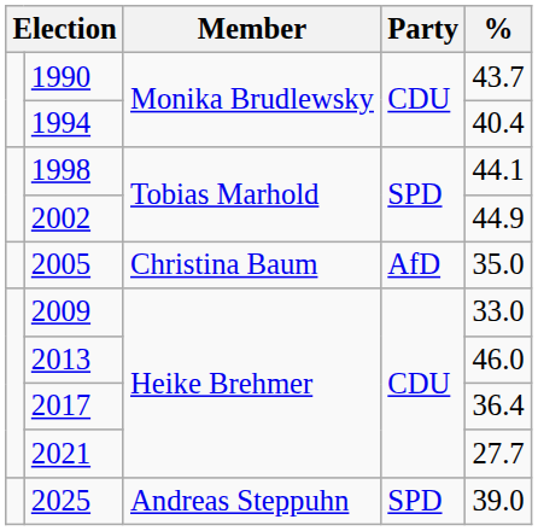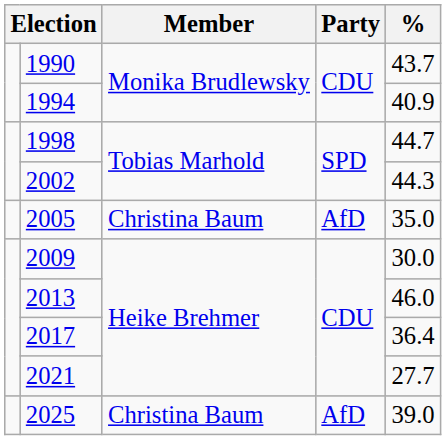 <table class=wikitable>
 <tr>
 <th colspan=2>Election</th>
 <th>Member</th>
 <th>Party</th>
 <th>%</th>
 </tr>
 <tr>
 <td rowspan=2 bgcolor=></td>
 <td><a href='#'>1990</a></td>
 <td rowspan=2><a href='#'>Monika Brudlewsky</a></td>
 <td rowspan=2><a href='#'>CDU</a></td>
 <td align=right>43.7</td>
 </tr>
 <tr>
 <td><a href='#'>1994</a></td>
-<td align=right>40.4</td>
+<td align=right>40.9</td>
 </tr>
 <tr>
 <td rowspan=2 bgcolor=></td>
 <td><a href='#'>1998</a></td>
 <td rowspan=2><a href='#'>Tobias Marhold</a></td>
 <td rowspan=2><a href='#'>SPD</a></td>
-<td align=right>44.1</td>
+<td align=right>44.7</td>
 </tr>
 <tr>
 <td><a href='#'>2002</a></td>
-<td align=right>44.9</td>
+<td align=right>44.3</td>
 </tr>
 <tr>
 <td bgcolor=></td>
 <td><a href='#'>2005</a></td>
 <td><a href='#'>Christina Baum</a></td>
 <td><a href='#'>AfD</a></td>
 <td align=right>35.0</td>
 </tr>
 <tr>
 <td rowspan=4 bgcolor=></td>
 <td><a href='#'>2009</a></td>
 <td rowspan=4><a href='#'>Heike Brehmer</a></td>
 <td rowspan=4><a href='#'>CDU</a></td>
-<td align=right>33.0</td>
+<td align=right>30.0</td>
 </tr>
 <tr>
 <td><a href='#'>2013</a></td>
 <td align=right>46.0</td>
 </tr>
 <tr>
 <td><a href='#'>2017</a></td>
 <td align=right>36.4</td>
 </tr>
 <tr>
 <td><a href='#'>2021</a></td>
 <td align=right>27.7</td>
 </tr>
 <tr>
 <td></td>
 <td><a href='#'>2025</a></td>
-<td><a href='#'>Andreas Steppuhn</a></td>
-<td><a href='#'>SPD</a></td>
+<td><a href='#'>Christina Baum</a></td>
+<td><a href='#'>AfD</a></td>
 <td align=right>39.0</td>
 </tr>
 </table>
